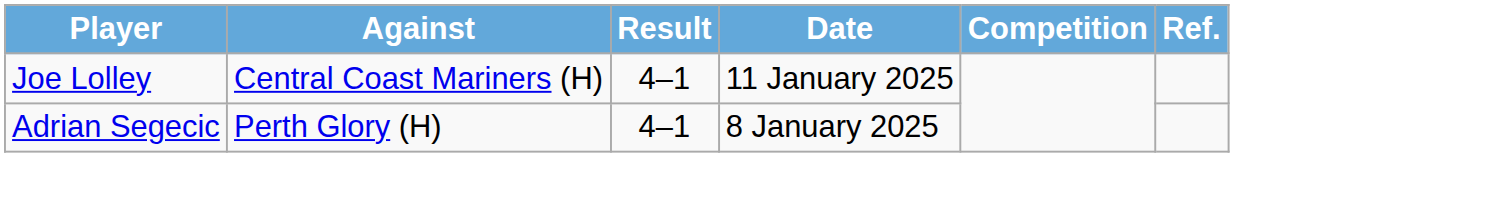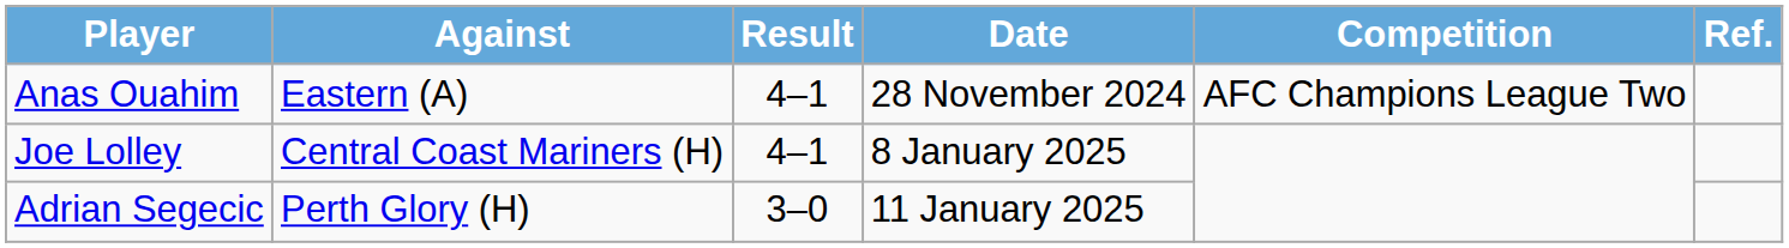 <table class="wikitable sortable">
 <tr>
 <th style="background:#62a8da;color:white">Player</th>
 <th style="background:#62a8da;color:white">Against</th>
 <th style="background:#62a8da;color:white">Result</th>
 <th style="background:#62a8da;color:white">Date</th>
 <th style="background:#62a8da;color:white">Competition</th>
 <th style="background:#62a8da;color:white">Ref.</th>
 </tr>
 <tr>
+<td> <a href='#'>Anas Ouahim</a></td>
+<td><a href='#'>Eastern</a> (A)</td>
+<td align="center">4–1</td>
+<td>28 November 2024</td>
+<td>AFC Champions League Two</td>
+<td></td>
+</tr>
+<tr>
 <td> <a href='#'>Joe Lolley</a></td>
 <td><a href='#'>Central Coast Mariners</a> (H)</td>
 <td align="center">4–1</td>
-<td>11 January 2025</td>
+<td>8 January 2025</td>
 <td rowspan="2"></td>
 <td></td>
 </tr>
 <tr>
 <td> <a href='#'>Adrian Segecic</a></td>
 <td><a href='#'>Perth Glory</a> (H)</td>
-<td align="center">4–1</td>
-<td>8 January 2025</td>
+<td align="center">3–0</td>
+<td>11 January 2025</td>
 <td></td>
 </tr>
 </table>
